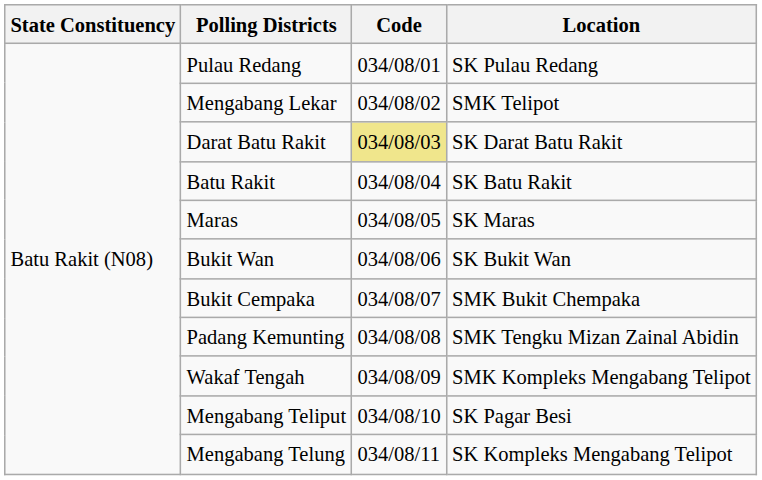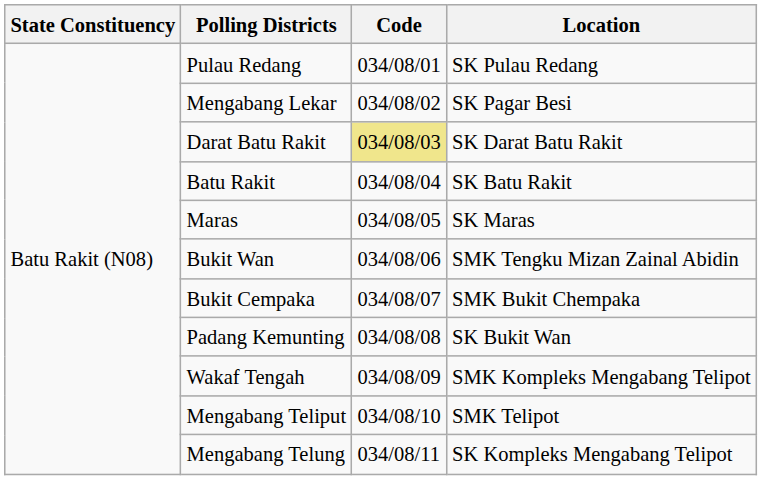 <table class="wikitable sortable mw-collapsible">
 <tr>
 <th><small>State Constituency</small></th>
 <th><small>Polling Districts</small></th>
 <th><small>Code</small></th>
 <th><small>Location</small></th>
 </tr>
 <tr>
 <td rowspan="11"><small>Batu Rakit (N08)</small></td>
 <td><small>Pulau Redang</small></td>
 <td><small>034/08/01</small></td>
 <td><small>SK Pulau Redang</small></td>
 </tr>
 <tr>
 <td><small>Mengabang Lekar</small></td>
 <td><small>034/08/02</small></td>
-<td><small>SMK Telipot</small></td>
+<td><small>SK Pagar Besi</small></td>
 </tr>
 <tr>
 <td><small>Darat Batu Rakit</small></td>
 <td style="background: khaki;"><small>034/08/03</small></td>
 <td><small>SK Darat Batu Rakit</small></td>
 </tr>
 <tr>
 <td><small>Batu Rakit</small></td>
 <td><small>034/08/04</small></td>
 <td><small>SK Batu Rakit</small></td>
 </tr>
 <tr>
 <td><small>Maras</small></td>
 <td><small>034/08/05</small></td>
 <td><small>SK Maras</small></td>
 </tr>
 <tr>
 <td><small>Bukit Wan</small></td>
 <td><small>034/08/06</small></td>
-<td><small>SK Bukit Wan</small></td>
+<td><small>SMK Tengku Mizan Zainal Abidin</small></td>
 </tr>
 <tr>
 <td><small>Bukit Cempaka</small></td>
 <td><small>034/08/07</small></td>
 <td><small>SMK Bukit Chempaka</small></td>
 </tr>
 <tr>
 <td><small>Padang Kemunting</small></td>
 <td><small>034/08/08</small></td>
-<td><small>SMK Tengku Mizan Zainal Abidin</small></td>
+<td><small>SK Bukit Wan</small></td>
 </tr>
 <tr>
 <td><small>Wakaf Tengah</small></td>
 <td><small>034/08/09</small></td>
 <td><small>SMK Kompleks Mengabang Telipot</small></td>
 </tr>
 <tr>
 <td><small>Mengabang Teliput</small></td>
 <td><small>034/08/10</small></td>
-<td><small>SK Pagar Besi</small></td>
+<td><small>SMK Telipot</small></td>
 </tr>
 <tr>
 <td><small>Mengabang Telung</small></td>
 <td><small>034/08/11</small></td>
 <td><small>SK Kompleks Mengabang Telipot</small></td>
 </tr>
 </table>
